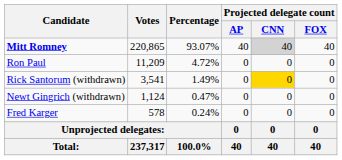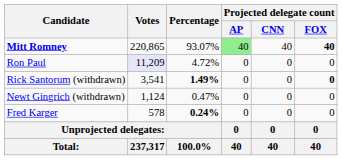 <table class="wikitable" style="text-align:right;">
 <tr>
 <th rowspan="2">Candidate</th>
 <th rowspan="2">Votes</th>
 <th rowspan="2">Percentage</th>
 <th colspan="3">Projected delegate count</th>
 </tr>
 <tr>
 <th><a href='#'>AP</a></th>
 <th><a href='#'>CNN</a><br></th>
 <th><a href='#'>FOX</a><br></th>
 </tr>
 <tr>
 <td style="text-align:left;"> <strong><a href='#'>Mitt Romney</a></strong></td>
 <td>220,865</td>
 <td>93.07%</td>
+<td style="background: lightgreen;">40</td>
 <td>40</td>
-<td style="background: lightgrey;">40</td>
-<td>40</td>
+<td><strong>40</strong></td>
 </tr>
 <tr>
 <td style="text-align:left;"><a href='#'>Ron Paul</a></td>
-<td>11,209</td>
+<td style="background: lavender;">11,209</td>
 <td>4.72%</td>
 <td>0</td>
 <td>0</td>
 <td>0</td>
 </tr>
 <tr>
 <td style="text-align:left;"><a href='#'>Rick Santorum</a> (withdrawn)</td>
 <td>3,541</td>
-<td>1.49%</td>
+<td><strong>1.49%</strong></td>
 <td>0</td>
-<td style="background: gold;">0</td>
 <td>0</td>
+<td><strong>0</strong></td>
 </tr>
 <tr>
 <td style="text-align:left;"><a href='#'>Newt Gingrich</a> (withdrawn)</td>
 <td>1,124</td>
 <td>0.47%</td>
 <td>0</td>
 <td>0</td>
 <td>0</td>
 </tr>
 <tr>
 <td style="text-align:left;"><a href='#'>Fred Karger</a></td>
 <td>578</td>
-<td>0.24%</td>
+<td><strong>0.24%</strong></td>
 <td>0</td>
 <td>0</td>
 <td>0</td>
 </tr>
 <tr style="background:#eee;">
 <th colspan="3">Unprojected delegates:</th>
 <th>0</th>
 <th>0</th>
 <th>0</th>
 </tr>
 <tr style="background:#eee;">
 <th>Total:</th>
 <th>237,317</th>
 <th>100.0%</th>
 <th>40</th>
 <th>40</th>
 <th>40</th>
 </tr>
 </table>
